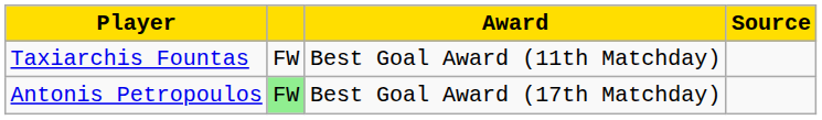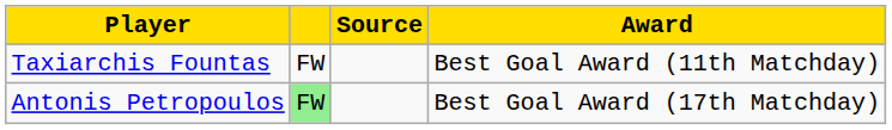 <table class="wikitable">
 <tr>
 <th style="background:#FFDE00">Player</th>
 <th style="background:#FFDE00"></th>
+<th style="background:#FFDE00">Source</th>
 <th style="background:#FFDE00">Award</th>
-<th style="background:#FFDE00">Source</th>
 </tr>
 <tr>
 <td> <a href='#'>Taxiarchis Fountas</a></td>
 <td align="center">FW</td>
+<td align="center"></td>
 <td align="center">Best Goal Award (11th Matchday)</td>
-<td align="center"></td>
 </tr>
 <tr>
 <td> <a href='#'>Antonis Petropoulos</a></td>
 <td align="center" style="background: lightgreen;">FW</td>
+<td align="center"></td>
 <td align="center">Best Goal Award (17th Matchday)</td>
-<td align="center"></td>
 </tr>
 </table>
